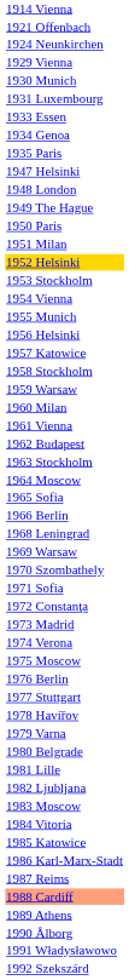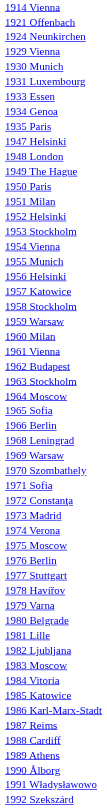 <table>
 <tr>
 <td><a href='#'>1914 Vienna</a></td>
 <td></td>
 <td></td>
 <td></td>
 </tr>
 <tr>
 <td><a href='#'>1921 Offenbach</a></td>
 <td></td>
 <td></td>
 <td></td>
 </tr>
 <tr>
 <td><a href='#'>1924 Neunkirchen</a></td>
 <td></td>
 <td></td>
 <td></td>
 </tr>
 <tr>
 <td><a href='#'>1929 Vienna</a></td>
 <td></td>
 <td></td>
 <td></td>
 </tr>
 <tr>
 <td><a href='#'>1930 Munich</a></td>
 <td></td>
 <td></td>
 <td></td>
 </tr>
 <tr>
 <td><a href='#'>1931 Luxembourg</a></td>
 <td></td>
 <td></td>
 <td></td>
 </tr>
 <tr>
 <td><a href='#'>1933 Essen</a></td>
 <td></td>
 <td></td>
 <td></td>
 </tr>
 <tr>
 <td><a href='#'>1934 Genoa</a></td>
 <td></td>
 <td></td>
 <td></td>
 </tr>
 <tr>
 <td><a href='#'>1935 Paris</a></td>
 <td></td>
 <td></td>
 <td></td>
 </tr>
 <tr>
 <td><a href='#'>1947 Helsinki</a></td>
 <td></td>
 <td></td>
 <td></td>
 </tr>
 <tr>
 <td><a href='#'>1948 London</a></td>
 <td></td>
 <td></td>
 <td></td>
 </tr>
 <tr>
 <td><a href='#'>1949 The Hague</a></td>
 <td></td>
 <td></td>
 <td></td>
 </tr>
 <tr>
 <td><a href='#'>1950 Paris</a></td>
 <td></td>
 <td></td>
 <td></td>
 </tr>
 <tr>
 <td><a href='#'>1951 Milan</a></td>
 <td></td>
 <td></td>
 <td></td>
 </tr>
 <tr>
-<td style="background: gold;"><a href='#'>1952 Helsinki</a></td>
+<td><a href='#'>1952 Helsinki</a></td>
 <td></td>
 <td></td>
 <td></td>
 </tr>
 <tr>
 <td><a href='#'>1953 Stockholm</a></td>
 <td></td>
 <td></td>
 <td></td>
 </tr>
 <tr>
 <td><a href='#'>1954 Vienna</a></td>
 <td></td>
 <td></td>
 <td></td>
 </tr>
 <tr>
 <td><a href='#'>1955 Munich</a></td>
 <td></td>
 <td></td>
 <td></td>
 </tr>
 <tr>
 <td><a href='#'>1956 Helsinki</a></td>
 <td></td>
 <td></td>
 <td></td>
 </tr>
 <tr>
 <td><a href='#'>1957 Katowice</a></td>
 <td></td>
 <td></td>
 <td></td>
 </tr>
 <tr>
 <td><a href='#'>1958 Stockholm</a></td>
 <td></td>
 <td></td>
 <td></td>
 </tr>
 <tr>
 <td><a href='#'>1959 Warsaw</a></td>
 <td></td>
 <td></td>
 <td></td>
 </tr>
 <tr>
 <td><a href='#'>1960 Milan</a></td>
 <td></td>
 <td></td>
 <td></td>
 </tr>
 <tr>
 <td><a href='#'>1961 Vienna</a></td>
 <td></td>
 <td></td>
 <td></td>
 </tr>
 <tr>
 <td><a href='#'>1962 Budapest</a></td>
 <td></td>
 <td></td>
 <td></td>
 </tr>
 <tr>
 <td><a href='#'>1963 Stockholm</a></td>
 <td></td>
 <td></td>
 <td></td>
 </tr>
 <tr>
 <td><a href='#'>1964 Moscow</a></td>
 <td></td>
 <td></td>
 <td></td>
 </tr>
 <tr>
 <td><a href='#'>1965 Sofia</a></td>
 <td></td>
 <td></td>
 <td></td>
 </tr>
 <tr>
 <td><a href='#'>1966 Berlin</a></td>
 <td></td>
 <td></td>
 <td></td>
 </tr>
 <tr>
 <td><a href='#'>1968 Leningrad</a></td>
 <td></td>
 <td></td>
 <td></td>
 </tr>
 <tr>
 <td><a href='#'>1969 Warsaw</a></td>
 <td></td>
 <td></td>
 <td></td>
 </tr>
 <tr>
 <td><a href='#'>1970 Szombathely</a></td>
 <td></td>
 <td></td>
 <td></td>
 </tr>
 <tr>
 <td><a href='#'>1971 Sofia</a></td>
 <td></td>
 <td></td>
 <td></td>
 </tr>
 <tr>
 <td><a href='#'>1972 Constanţa</a></td>
 <td></td>
 <td></td>
 <td></td>
 </tr>
 <tr>
 <td><a href='#'>1973 Madrid</a></td>
 <td></td>
 <td></td>
 <td></td>
 </tr>
 <tr>
 <td><a href='#'>1974 Verona</a></td>
 <td></td>
 <td></td>
 <td></td>
 </tr>
 <tr>
 <td><a href='#'>1975 Moscow</a></td>
 <td></td>
 <td></td>
 <td></td>
 </tr>
 <tr>
 <td><a href='#'>1976 Berlin</a></td>
 <td></td>
 <td></td>
 <td></td>
 </tr>
 <tr>
 <td><a href='#'>1977 Stuttgart</a></td>
 <td></td>
 <td></td>
 <td></td>
 </tr>
 <tr>
 <td><a href='#'>1978 Havířov</a></td>
 <td></td>
 <td></td>
 <td></td>
 </tr>
 <tr>
 <td><a href='#'>1979 Varna</a></td>
 <td></td>
 <td></td>
 <td></td>
 </tr>
 <tr>
 <td><a href='#'>1980 Belgrade</a></td>
 <td></td>
 <td></td>
 <td></td>
 </tr>
 <tr>
 <td><a href='#'>1981 Lille</a></td>
 <td></td>
 <td></td>
 <td></td>
 </tr>
 <tr>
 <td><a href='#'>1982 Ljubljana</a></td>
 <td></td>
 <td></td>
 <td></td>
 </tr>
 <tr>
 <td><a href='#'>1983  Moscow</a></td>
 <td></td>
 <td></td>
 <td></td>
 </tr>
 <tr>
 <td><a href='#'>1984 Vitoria</a></td>
 <td></td>
 <td></td>
 <td></td>
 </tr>
 <tr>
 <td><a href='#'>1985 Katowice</a></td>
 <td></td>
 <td></td>
 <td></td>
 </tr>
 <tr>
 <td><a href='#'>1986 Karl-Marx-Stadt</a></td>
 <td></td>
 <td></td>
 <td></td>
 </tr>
 <tr>
 <td><a href='#'>1987 Reims</a></td>
 <td></td>
 <td></td>
 <td></td>
 </tr>
 <tr>
-<td style="background: lightsalmon;"><a href='#'>1988 Cardiff</a></td>
+<td><a href='#'>1988 Cardiff</a></td>
 <td></td>
 <td></td>
 <td></td>
 </tr>
 <tr>
 <td><a href='#'>1989 Athens</a></td>
 <td></td>
 <td></td>
 <td></td>
 </tr>
 <tr>
 <td><a href='#'>1990 Ålborg</a></td>
 <td></td>
 <td></td>
 <td></td>
 </tr>
 <tr>
 <td><a href='#'>1991 Władysławowo</a></td>
 <td></td>
 <td></td>
 <td></td>
 </tr>
 <tr>
 <td><a href='#'>1992 Szekszárd</a></td>
 <td></td>
 <td></td>
 <td></td>
 </tr>
 </table>
